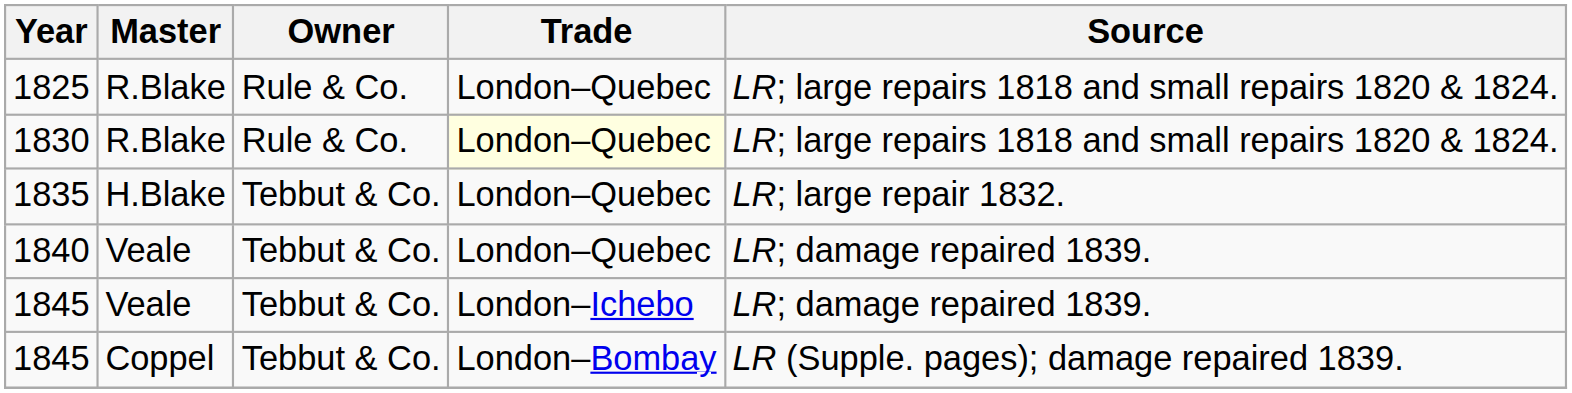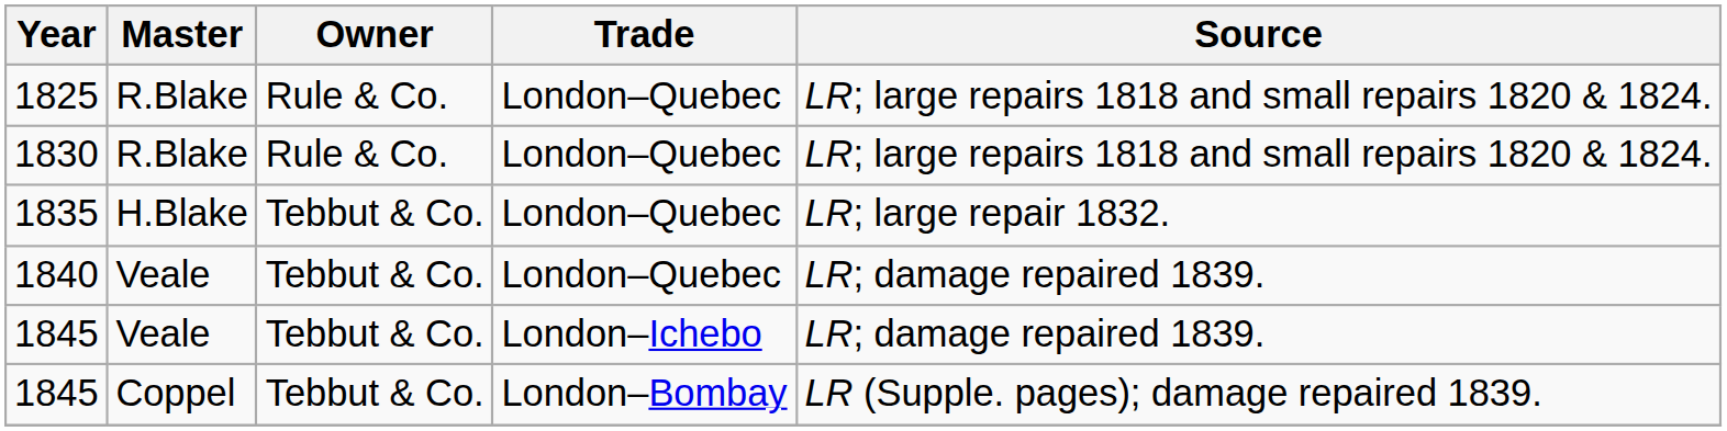 <table class="sortable wikitable">
 <tr>
 <th>Year</th>
 <th>Master</th>
 <th>Owner</th>
 <th>Trade</th>
 <th>Source</th>
 </tr>
 <tr>
 <td>1825</td>
 <td>R.Blake</td>
 <td>Rule & Co.</td>
 <td>London–Quebec</td>
 <td><em>LR</em>; large repairs 1818 and small repairs 1820 & 1824.</td>
 </tr>
 <tr>
 <td>1830</td>
 <td>R.Blake</td>
 <td>Rule & Co.</td>
-<td style="background: lightyellow;">London–Quebec</td>
+<td>London–Quebec</td>
 <td><em>LR</em>; large repairs 1818 and small repairs 1820 & 1824.</td>
 </tr>
 <tr>
 <td>1835</td>
 <td>H.Blake</td>
 <td>Tebbut & Co.</td>
 <td>London–Quebec</td>
 <td><em>LR</em>; large repair 1832.</td>
 </tr>
 <tr>
 <td>1840</td>
 <td>Veale</td>
 <td>Tebbut & Co.</td>
 <td>London–Quebec</td>
 <td><em>LR</em>; damage repaired 1839.</td>
 </tr>
 <tr>
 <td>1845</td>
 <td>Veale</td>
 <td>Tebbut & Co.</td>
 <td>London–<a href='#'>Ichebo</a></td>
 <td><em>LR</em>; damage repaired 1839.</td>
 </tr>
 <tr>
 <td>1845</td>
 <td>Coppel</td>
 <td>Tebbut & Co.</td>
 <td>London–<a href='#'>Bombay</a></td>
 <td><em>LR</em> (Supple. pages); damage repaired 1839.</td>
 </tr>
 <tr>
 </tr>
 </table>
